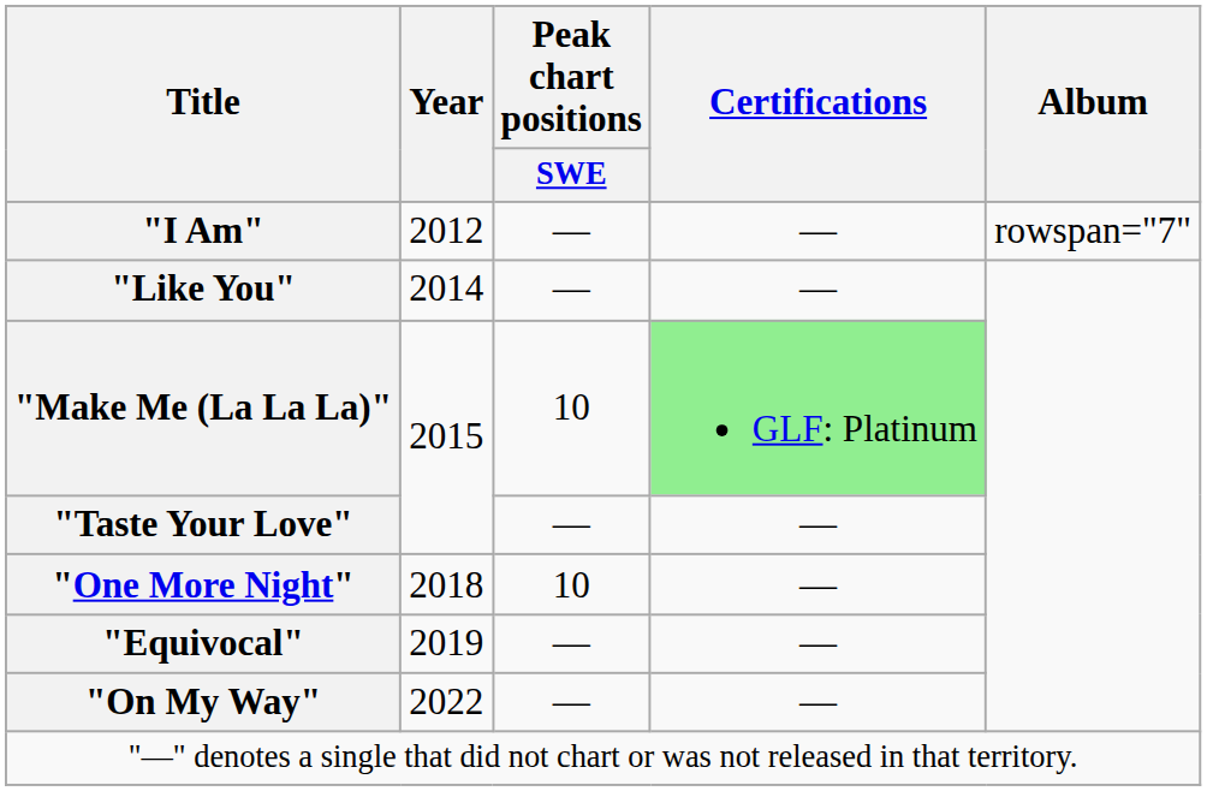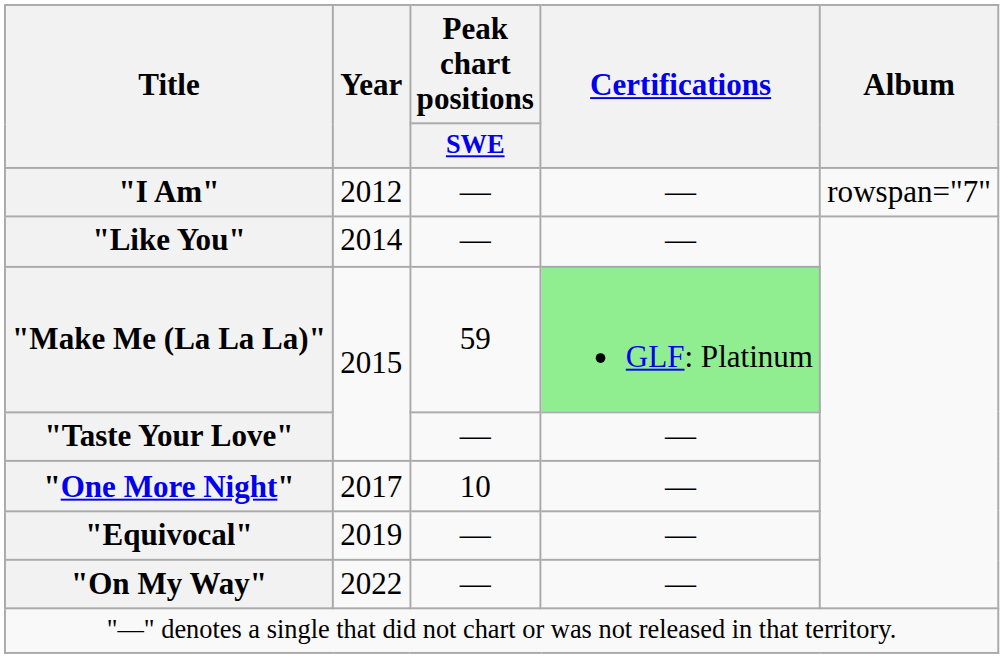 <table class="wikitable plainrowheaders" style="text-align:center;">
 <tr>
 <th scope="col" rowspan="2">Title</th>
 <th scope="col" rowspan="2">Year</th>
 <th scope="col" colspan="1">Peak chart positions</th>
 <th scope="col" rowspan="2"><a href='#'>Certifications</a></th>
 <th scope="col" rowspan="2">Album</th>
 </tr>
 <tr>
 <th scope="col" style="width:3em;font-size:85%;"><a href='#'>SWE</a><br></th>
 </tr>
 <tr>
 <th scope="row">"I Am"</th>
 <td>2012</td>
 <td>—</td>
 <td>—</td>
 <td>rowspan="7" </td>
 </tr>
 <tr>
 <th scope="row">"Like You"</th>
 <td>2014</td>
 <td>—</td>
 <td>—</td>
 </tr>
 <tr>
 <th scope="row">"Make Me (La La La)"</th>
 <td rowspan="2">2015</td>
-<td>10</td>
+<td>59<br></td>
 <td style="background: lightgreen;"><br><ul><li><a href='#'>GLF</a>: Platinum</li></ul></td>
 </tr>
 <tr>
 <th scope="row">"Taste Your Love"</th>
 <td>—</td>
 <td>—</td>
 </tr>
 <tr>
 <th scope="row">"<a href='#'>One More Night</a>"</th>
-<td>2018</td>
+<td>2017</td>
 <td>10</td>
 <td>—</td>
 </tr>
 <tr>
 <th scope="row">"Equivocal"</th>
 <td>2019</td>
 <td>—</td>
 <td>—</td>
 </tr>
 <tr>
 <th scope="row">"On My Way"</th>
 <td>2022</td>
 <td>—</td>
 <td>—</td>
 </tr>
 <tr>
 <td colspan="10" style="font-size:85%">"—" denotes a single that did not chart or was not released in that territory.</td>
 </tr>
 </table>
